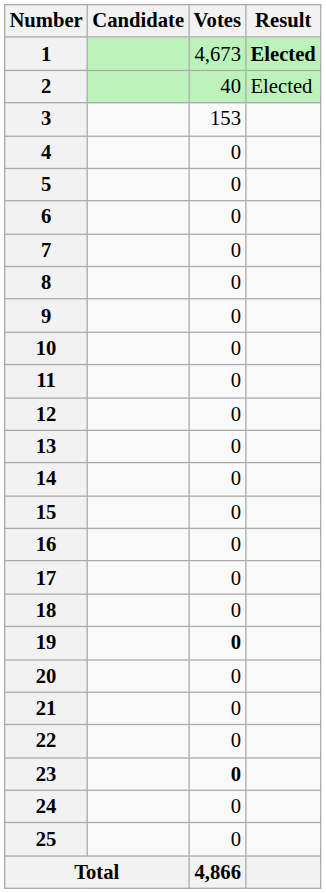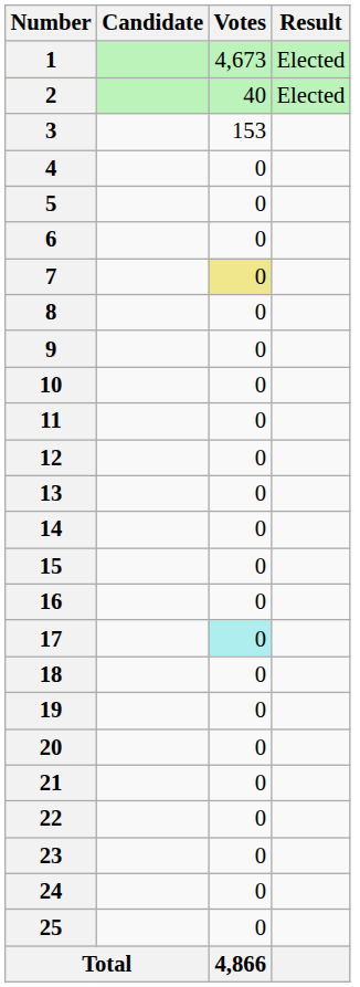 <table class="wikitable sortable">
 <tr>
 <th scope="col">Number</th>
 <th scope="col">Candidate</th>
 <th scope="col">Votes</th>
 <th scope="col">Result</th>
 </tr>
 <tr bgcolor=bbf3bb>
 <th scope="row">1</th>
 <td></td>
 <td align="right">4,673</td>
-<td><strong>Elected</strong></td>
+<td>Elected</td>
 </tr>
 <tr bgcolor=bbf3bb>
 <th scope="row">2</th>
 <td></td>
 <td align="right">40</td>
 <td>Elected</td>
 </tr>
 <tr>
 <th scope="row">3</th>
 <td></td>
 <td align="right">153</td>
 <td></td>
 </tr>
 <tr>
 <th scope="row">4</th>
 <td></td>
 <td align="right">0</td>
 <td></td>
 </tr>
 <tr>
 <th scope="row">5</th>
 <td></td>
 <td align="right">0</td>
 <td></td>
 </tr>
 <tr>
 <th scope="row">6</th>
 <td></td>
 <td align="right">0</td>
 <td></td>
 </tr>
 <tr>
 <th scope="row">7</th>
 <td></td>
-<td align="right">0</td>
+<td align="right" style="background: khaki;">0</td>
 <td></td>
 </tr>
 <tr>
 <th scope="row">8</th>
 <td></td>
 <td align="right">0</td>
 <td></td>
 </tr>
 <tr>
 <th scope="row">9</th>
 <td></td>
 <td align="right">0</td>
 <td></td>
 </tr>
 <tr>
 <th scope="row">10</th>
 <td></td>
 <td align="right">0</td>
 <td></td>
 </tr>
 <tr>
 <th scope="row">11</th>
 <td></td>
 <td align="right">0</td>
 <td></td>
 </tr>
 <tr>
 <th scope="row">12</th>
 <td></td>
 <td align="right">0</td>
 <td></td>
 </tr>
 <tr>
 <th scope="row">13</th>
 <td></td>
 <td align="right">0</td>
 <td></td>
 </tr>
 <tr>
 <th scope="row">14</th>
 <td></td>
 <td align="right">0</td>
 <td></td>
 </tr>
 <tr>
 <th scope="row">15</th>
 <td></td>
 <td align="right">0</td>
 <td></td>
 </tr>
 <tr>
 <th scope="row">16</th>
 <td></td>
 <td align="right">0</td>
 <td></td>
 </tr>
 <tr>
 <th scope="row">17</th>
 <td></td>
-<td align="right">0</td>
+<td align="right" style="background: paleturquoise;">0</td>
 <td></td>
 </tr>
 <tr>
 <th scope="row">18</th>
 <td></td>
 <td align="right">0</td>
 <td></td>
 </tr>
 <tr>
 <th scope="row">19</th>
 <td></td>
-<td align="right"><strong>0</strong></td>
+<td align="right">0</td>
 <td></td>
 </tr>
 <tr>
 <th scope="row">20</th>
 <td></td>
 <td align="right">0</td>
 <td></td>
 </tr>
 <tr>
 <th scope="row">21</th>
 <td></td>
 <td align="right">0</td>
 <td></td>
 </tr>
 <tr>
 <th scope="row">22</th>
 <td></td>
 <td align="right">0</td>
 <td></td>
 </tr>
 <tr>
 <th scope="row">23</th>
 <td></td>
-<td align="right"><strong>0</strong></td>
+<td align="right">0</td>
 <td></td>
 </tr>
 <tr>
 <th scope="row">24</th>
 <td></td>
 <td align="right">0</td>
 <td></td>
 </tr>
 <tr>
 <th scope="row">25</th>
 <td></td>
 <td align="right">0</td>
 <td></td>
 </tr>
 <tr class=sortbottom>
 <th scope="row" colspan="2">Total</th>
 <th style="text-align:right">4,866</th>
 <th></th>
 </tr>
 </table>
